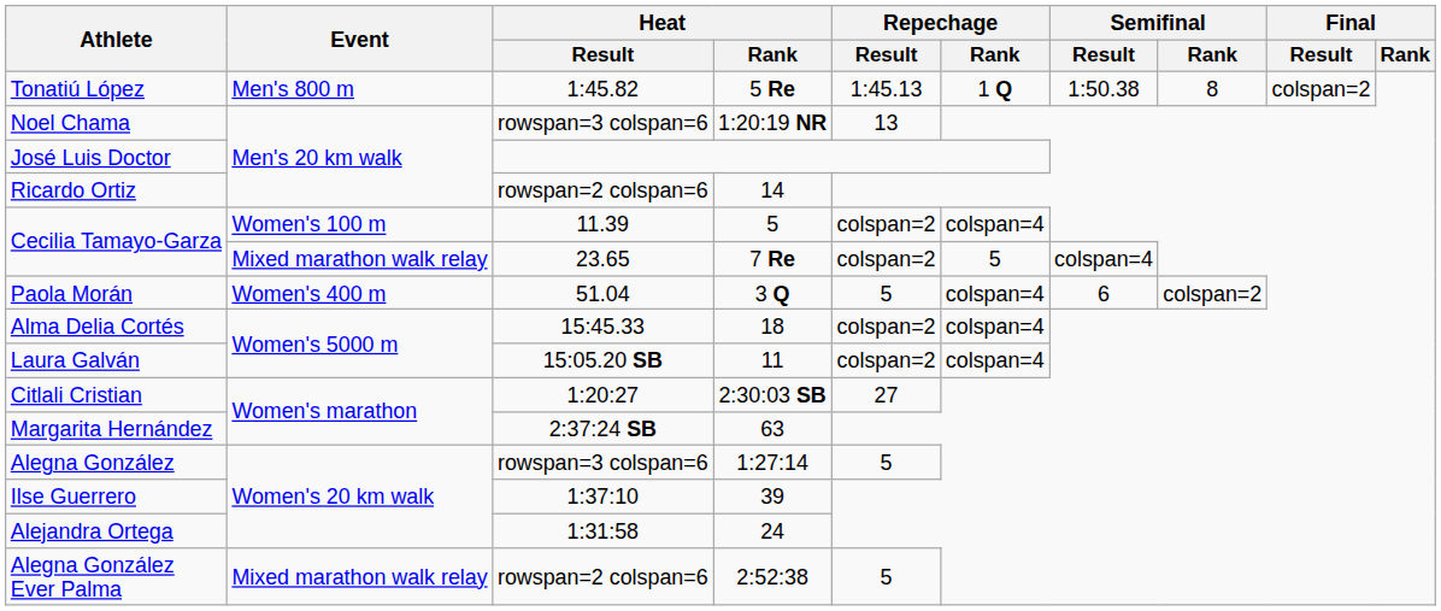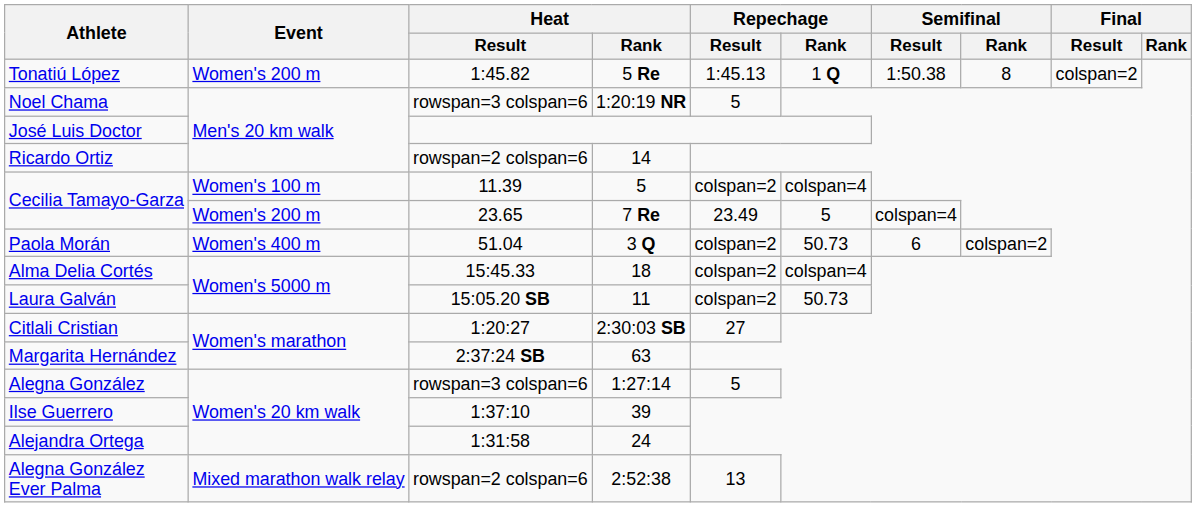 <table class="wikitable" style="font-size:90%">
 <tr>
 <th rowspan="2">Athlete</th>
 <th rowspan="2">Event</th>
 <th colspan="2">Heat</th>
 <th colspan="2">Repechage</th>
 <th colspan="2">Semifinal</th>
 <th colspan="2">Final</th>
 </tr>
 <tr style="font-size:95%">
 <th>Result</th>
 <th>Rank</th>
 <th>Result</th>
 <th>Rank</th>
 <th>Result</th>
 <th>Rank</th>
 <th>Result</th>
 <th>Rank</th>
 </tr>
 <tr align=center>
 <td align=left><a href='#'>Tonatiú López</a></td>
-<td align=left><a href='#'>Men's 800 m</a></td>
+<td align=left><a href='#'>Women's 200 m</a></td>
 <td>1:45.82</td>
 <td>5 <strong>Re</strong></td>
 <td>1:45.13</td>
 <td>1 <strong>Q</strong></td>
 <td>1:50.38</td>
 <td>8</td>
 <td>colspan=2 </td>
 </tr>
 <tr align=center>
 <td align=left><a href='#'>Noel Chama</a></td>
 <td align=left rowspan=3><a href='#'>Men's 20 km walk</a></td>
 <td>rowspan=3 colspan=6 </td>
 <td>1:20:19 <strong>NR</strong></td>
-<td>13</td>
+<td>5</td>
 </tr>
 <tr align=center>
 <td align=left><a href='#'>José Luis Doctor</a></td>
 <td colspan=4></td>
 </tr>
 <tr align=center>
 <td align=left><a href='#'>Ricardo Ortiz</a></td>
 <td>rowspan=2 colspan=6 </td>
 <td>14</td>
 </tr>
 <tr align=center>
 <td align=left rowspan=2><a href='#'>Cecilia Tamayo-Garza</a></td>
 <td align=left><a href='#'>Women's 100 m</a></td>
 <td>11.39</td>
 <td>5</td>
 <td>colspan=2 </td>
 <td>colspan=4 </td>
 </tr>
 <tr align=center>
-<td align=left><a href='#'>Mixed marathon walk relay</a></td>
+<td align=left><a href='#'>Women's 200 m</a></td>
 <td>23.65</td>
 <td>7 <strong>Re</strong></td>
-<td>colspan=2 </td>
+<td>23.49</td>
 <td>5</td>
 <td>colspan=4 </td>
 </tr>
 <tr align=center>
 <td align=left><a href='#'>Paola Morán</a></td>
 <td align=left><a href='#'>Women's 400 m</a></td>
 <td>51.04</td>
 <td>3 <strong>Q</strong></td>
-<td>5</td>
-<td>colspan=4 </td>
+<td>colspan=2 </td>
+<td>50.73</td>
 <td>6</td>
 <td>colspan=2 </td>
 </tr>
 <tr align=center>
 <td align=left><a href='#'>Alma Delia Cortés</a></td>
 <td align=left rowspan=2><a href='#'>Women's 5000 m</a></td>
 <td>15:45.33</td>
 <td>18</td>
 <td>colspan=2 </td>
 <td>colspan=4 </td>
 </tr>
 <tr align=center>
 <td align=left><a href='#'>Laura Galván</a></td>
 <td>15:05.20 <strong>SB</strong></td>
 <td>11</td>
 <td>colspan=2 </td>
-<td>colspan=4 </td>
+<td>50.73</td>
 </tr>
 <tr align=center>
 <td align=left><a href='#'>Citlali Cristian</a></td>
 <td align=left rowspan=2><a href='#'>Women's marathon</a></td>
 <td>1:20:27</td>
 <td>2:30:03 <strong>SB</strong></td>
 <td>27</td>
 </tr>
 <tr align=center>
 <td align=left><a href='#'>Margarita Hernández</a></td>
 <td>2:37:24 <strong>SB</strong></td>
 <td>63</td>
 </tr>
 <tr align=center>
 <td align=left><a href='#'>Alegna González</a></td>
 <td align=left rowspan=3><a href='#'>Women's 20 km walk</a></td>
 <td>rowspan=3 colspan=6 </td>
 <td>1:27:14</td>
 <td>5</td>
 </tr>
 <tr align=center>
 <td align =left><a href='#'>Ilse Guerrero</a></td>
 <td>1:37:10</td>
 <td>39</td>
 </tr>
 <tr align=center>
 <td align =left><a href='#'>Alejandra Ortega</a></td>
 <td>1:31:58</td>
 <td>24</td>
 </tr>
 <tr align=center>
 <td align=left><a href='#'>Alegna González</a><br><a href='#'>Ever Palma</a></td>
 <td align=left><a href='#'>Mixed marathon walk relay</a></td>
 <td>rowspan=2 colspan=6 </td>
 <td>2:52:38</td>
-<td>5</td>
+<td>13</td>
 </tr>
 </table>
